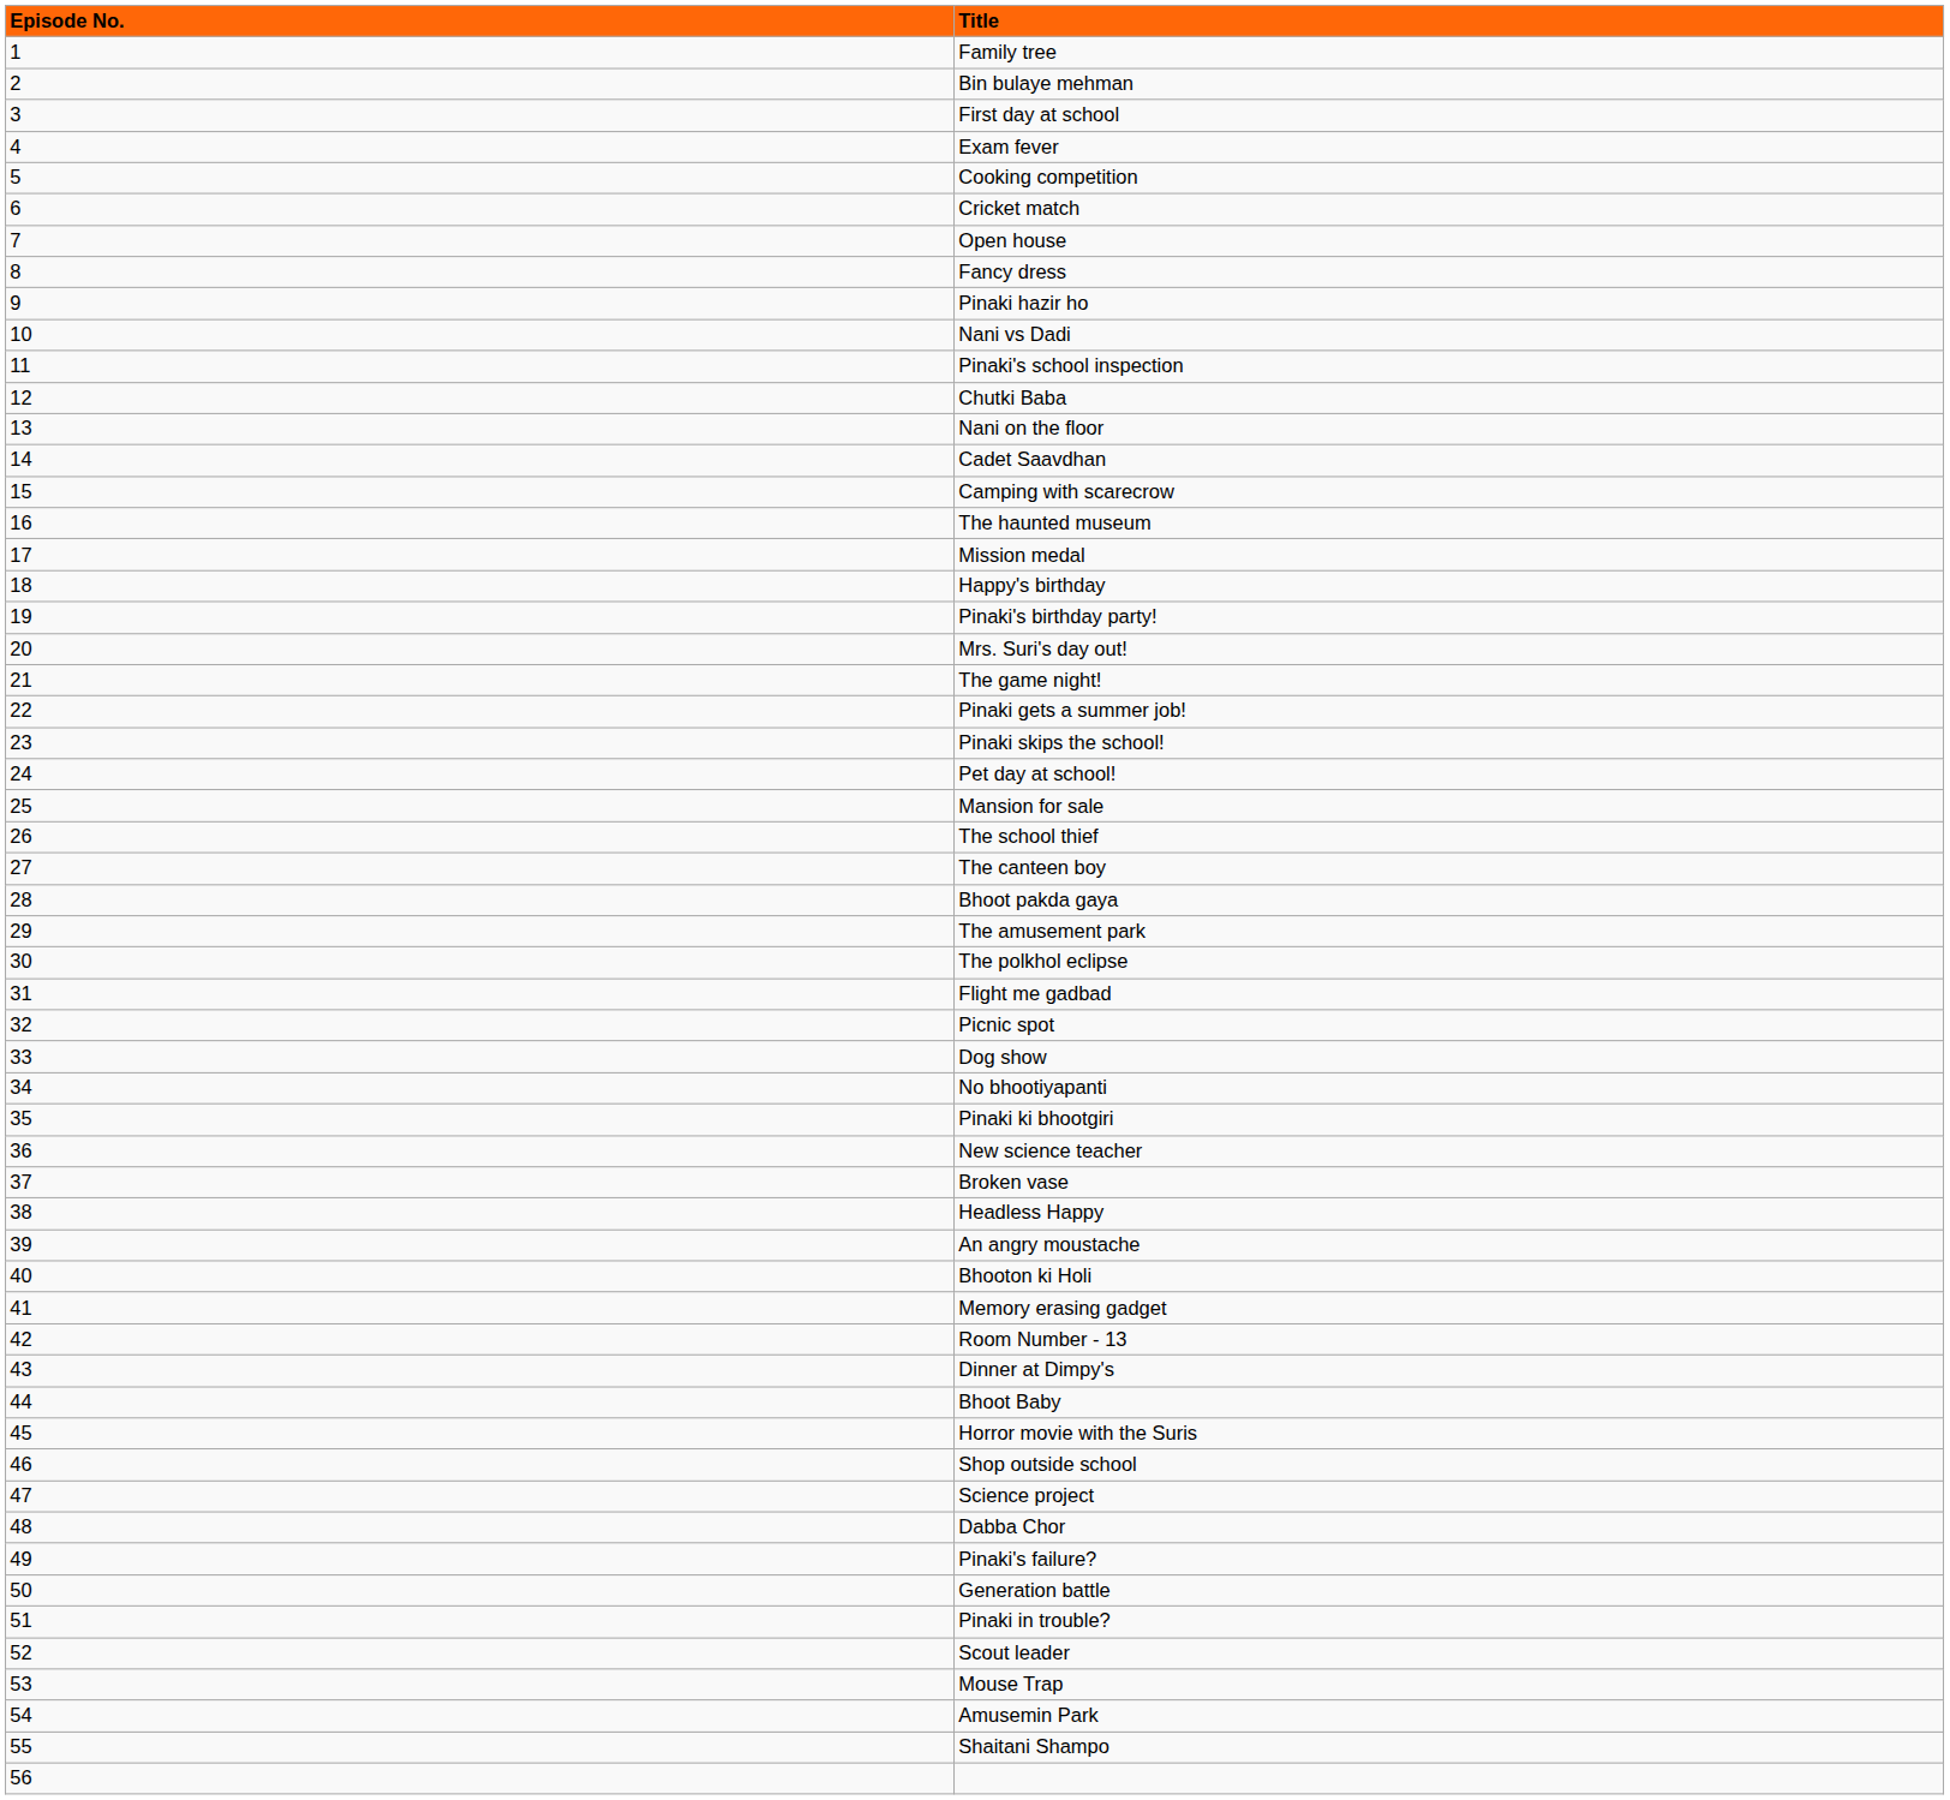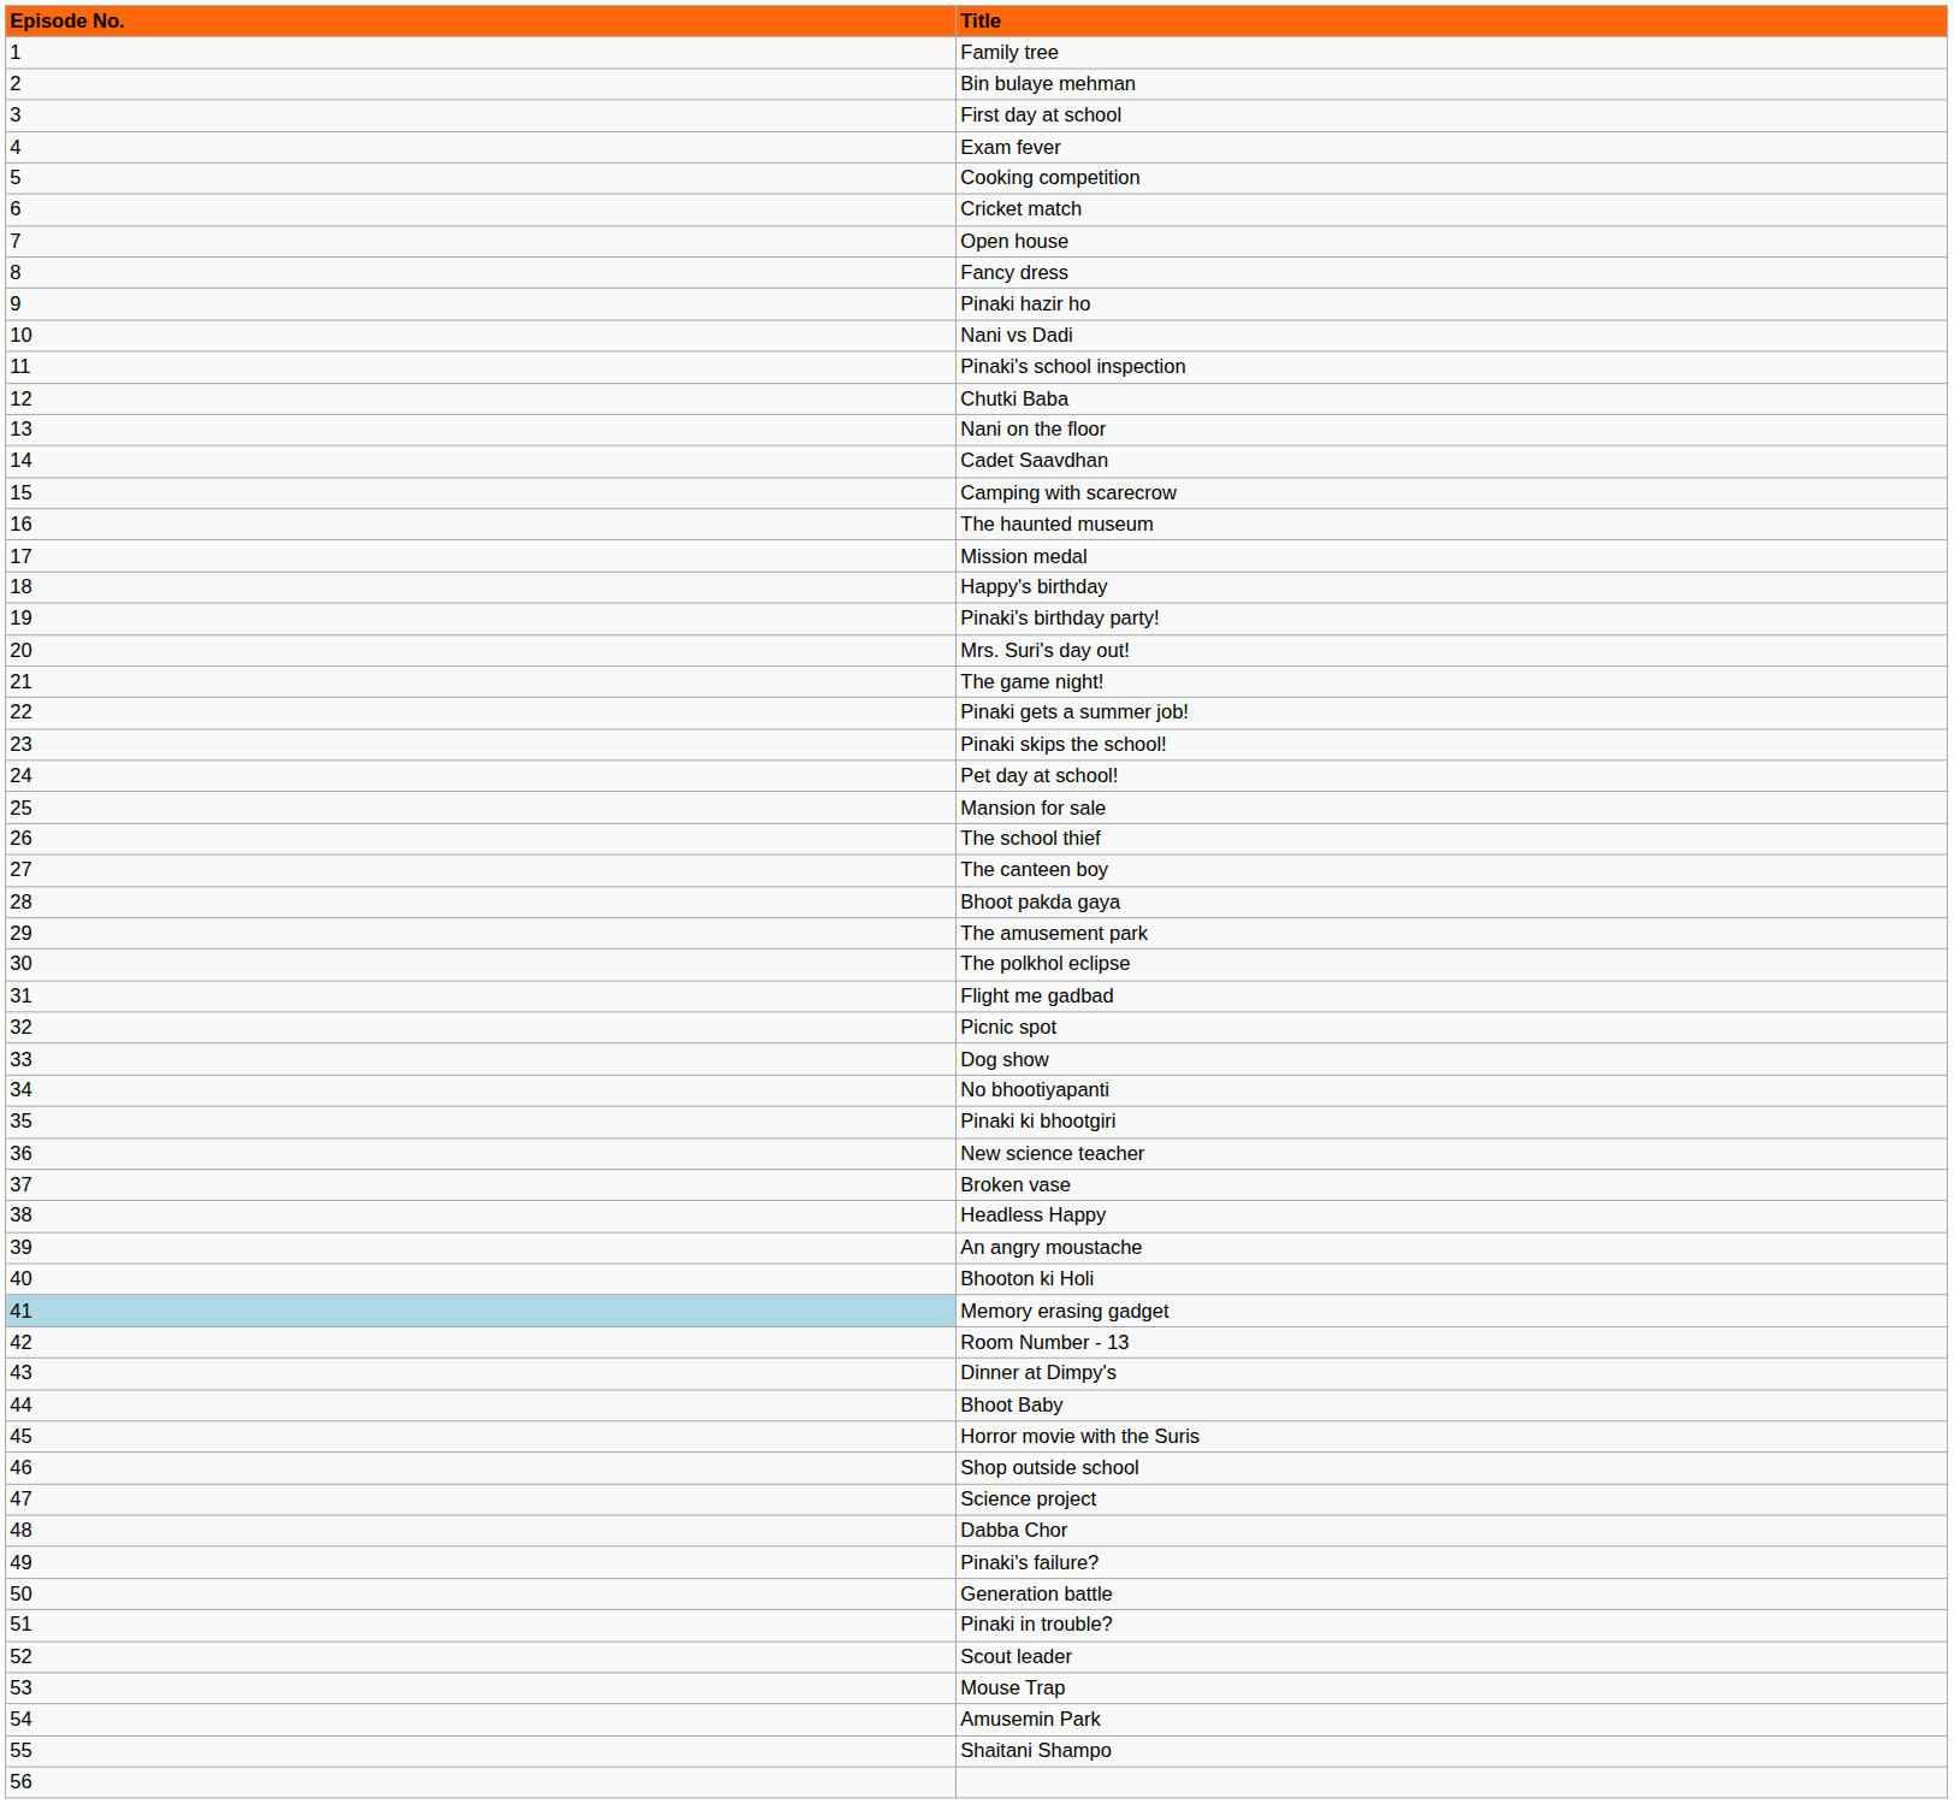 <table class="wikitable sortable">
 <tr>
 <td bgcolor="#FF6708" style="width:3%;"><div><span><strong>Episode No.</strong></span></div></td>
 <td bgcolor="#FF6708" style="width:3%;"><div><span><strong>Title</strong></span></div></td>
 </tr>
 <tr>
 <td>1</td>
 <td>Family tree</td>
 </tr>
 <tr>
 <td>2</td>
 <td>Bin bulaye mehman</td>
 </tr>
 <tr>
 <td>3</td>
 <td>First day at school</td>
 </tr>
 <tr>
 <td>4</td>
 <td>Exam fever</td>
 </tr>
 <tr>
 <td>5</td>
 <td>Cooking competition</td>
 </tr>
 <tr>
 <td>6</td>
 <td>Cricket match</td>
 </tr>
 <tr>
 <td>7</td>
 <td>Open house</td>
 </tr>
 <tr>
 <td>8</td>
 <td>Fancy dress</td>
 </tr>
 <tr>
 <td>9</td>
 <td>Pinaki hazir ho</td>
 </tr>
 <tr>
 <td>10</td>
 <td>Nani vs Dadi</td>
 </tr>
 <tr>
 <td>11</td>
 <td>Pinaki's school inspection</td>
 </tr>
 <tr>
 <td>12</td>
 <td>Chutki Baba</td>
 </tr>
 <tr>
 <td>13</td>
 <td>Nani on the floor</td>
 </tr>
 <tr>
 <td>14</td>
 <td>Cadet Saavdhan</td>
 </tr>
 <tr>
 <td>15</td>
 <td>Camping with scarecrow</td>
 </tr>
 <tr>
 <td>16</td>
 <td>The haunted museum</td>
 </tr>
 <tr>
 <td>17</td>
 <td>Mission medal</td>
 </tr>
 <tr>
 <td>18</td>
 <td>Happy's birthday</td>
 </tr>
 <tr>
 <td>19</td>
 <td>Pinaki's birthday party!</td>
 </tr>
 <tr>
 <td>20</td>
 <td>Mrs. Suri's day out!</td>
 </tr>
 <tr>
 <td>21</td>
 <td>The game night!</td>
 </tr>
 <tr>
 <td>22</td>
 <td>Pinaki gets a summer job!</td>
 </tr>
 <tr>
 <td>23</td>
 <td>Pinaki skips the school!</td>
 </tr>
 <tr>
 <td>24</td>
 <td>Pet day at school!</td>
 </tr>
 <tr>
 <td>25</td>
 <td>Mansion for sale</td>
 </tr>
 <tr>
 <td>26</td>
 <td>The school thief</td>
 </tr>
 <tr>
 <td>27</td>
 <td>The canteen boy</td>
 </tr>
 <tr>
 <td>28</td>
 <td>Bhoot pakda gaya</td>
 </tr>
 <tr>
 <td>29</td>
 <td>The amusement park</td>
 </tr>
 <tr>
 <td>30</td>
 <td>The polkhol eclipse</td>
 </tr>
 <tr>
 <td>31</td>
 <td>Flight me gadbad</td>
 </tr>
 <tr>
 <td>32</td>
 <td>Picnic spot</td>
 </tr>
 <tr>
 <td>33</td>
 <td>Dog show</td>
 </tr>
 <tr>
 <td>34</td>
 <td>No bhootiyapanti</td>
 </tr>
 <tr>
 <td>35</td>
 <td>Pinaki ki bhootgiri</td>
 </tr>
 <tr>
 <td>36</td>
 <td>New science teacher</td>
 </tr>
 <tr>
 <td>37</td>
 <td>Broken vase</td>
 </tr>
 <tr>
 <td>38</td>
 <td>Headless Happy</td>
 </tr>
 <tr>
 <td>39</td>
 <td>An angry moustache</td>
 </tr>
 <tr>
 <td>40</td>
 <td>Bhooton ki Holi</td>
 </tr>
 <tr>
-<td>41</td>
+<td style="background: lightblue;">41</td>
 <td>Memory erasing gadget</td>
 </tr>
 <tr>
 <td>42</td>
 <td>Room Number - 13</td>
 </tr>
 <tr>
 <td>43</td>
 <td>Dinner at Dimpy's</td>
 </tr>
 <tr>
 <td>44</td>
 <td>Bhoot Baby</td>
 </tr>
 <tr>
 <td>45</td>
 <td>Horror movie with the Suris</td>
 </tr>
 <tr>
 <td>46</td>
 <td>Shop outside school</td>
 </tr>
 <tr>
 <td>47</td>
 <td>Science project</td>
 </tr>
 <tr>
 <td>48</td>
 <td>Dabba Chor</td>
 </tr>
 <tr>
 <td>49</td>
 <td>Pinaki's failure?</td>
 </tr>
 <tr>
 <td>50</td>
 <td>Generation battle</td>
 </tr>
 <tr>
 <td>51</td>
 <td>Pinaki in trouble?</td>
 </tr>
 <tr>
 <td>52</td>
 <td>Scout leader</td>
 </tr>
 <tr>
 <td>53</td>
 <td>Mouse Trap</td>
 </tr>
 <tr>
 <td>54</td>
 <td>Amusemin Park</td>
 </tr>
 <tr>
 <td>55</td>
 <td>Shaitani Shampo</td>
 </tr>
 <tr>
 <td>56</td>
 <td></td>
 </tr>
 </table>
